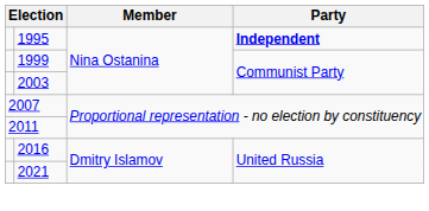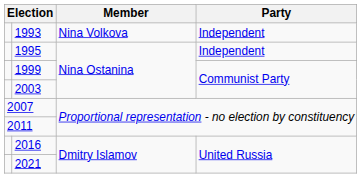 <table class="wikitable">
 <tr>
 <th colspan="2">Election</th>
 <th>Member</th>
 <th>Party</th>
 </tr>
 <tr>
 <td style="background-color:"></td>
+<td><a href='#'>1993</a></td>
+<td><a href='#'>Nina Volkova</a></td>
+<td><a href='#'>Independent</a></td>
+</tr>
+<tr>
+<td style="background-color:"></td>
 <td><a href='#'>1995</a></td>
 <td rowspan=3><a href='#'>Nina Ostanina</a></td>
-<td><strong><a href='#'>Independent</a></strong></td>
+<td><a href='#'>Independent</a></td>
 </tr>
 <tr>
 <td style="background-color:"></td>
 <td><a href='#'>1999</a></td>
 <td rowspan=2><a href='#'>Communist Party</a></td>
 </tr>
 <tr>
 <td style="background-color:"></td>
 <td><a href='#'>2003</a></td>
 </tr>
 <tr>
 <td colspan=2><a href='#'>2007</a></td>
 <td colspan=2 rowspan=2><em><a href='#'>Proportional representation</a> - no election by constituency</em></td>
 </tr>
 <tr>
 <td colspan=2><a href='#'>2011</a></td>
 </tr>
 <tr>
 <td style="background-color: "></td>
 <td><a href='#'>2016</a></td>
 <td rowspan=2><a href='#'>Dmitry Islamov</a></td>
 <td rowspan=2><a href='#'>United Russia</a></td>
 </tr>
 <tr>
 <td style="background-color: "></td>
 <td><a href='#'>2021</a></td>
 </tr>
 </table>
